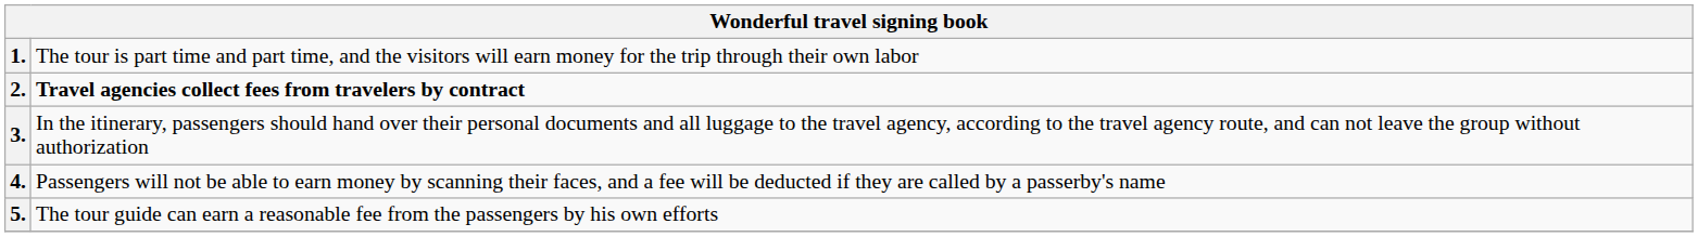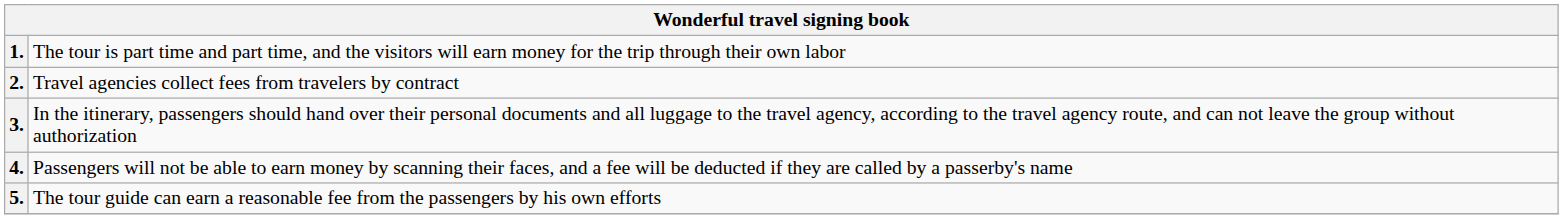 <table class="wikitable collapsible plainrowheaders" style="width:100%">
 <tr>
 <th colspan="2">Wonderful travel signing book</th>
 </tr>
 <tr>
 <th scope="row">1.</th>
 <td>The tour is part time and part time, and the visitors will earn money for the trip through their own labor</td>
 </tr>
 <tr>
 <th scope="row">2.</th>
-<td><strong>Travel agencies collect fees from travelers by contract</strong></td>
+<td>Travel agencies collect fees from travelers by contract</td>
 </tr>
 <tr>
 <th scope="row">3.</th>
 <td>In the itinerary, passengers should hand over their personal documents and all luggage to the travel agency, according to the travel agency route, and can not leave the group without authorization</td>
 </tr>
 <tr>
 <th scope="row">4.</th>
 <td>Passengers will not be able to earn money by scanning their faces, and a fee will be deducted if they are called by a passerby's name</td>
 </tr>
 <tr>
 <th scope="row">5.</th>
 <td>The tour guide can earn a reasonable fee from the passengers by his own efforts</td>
 </tr>
 <tr>
 </tr>
 </table>
